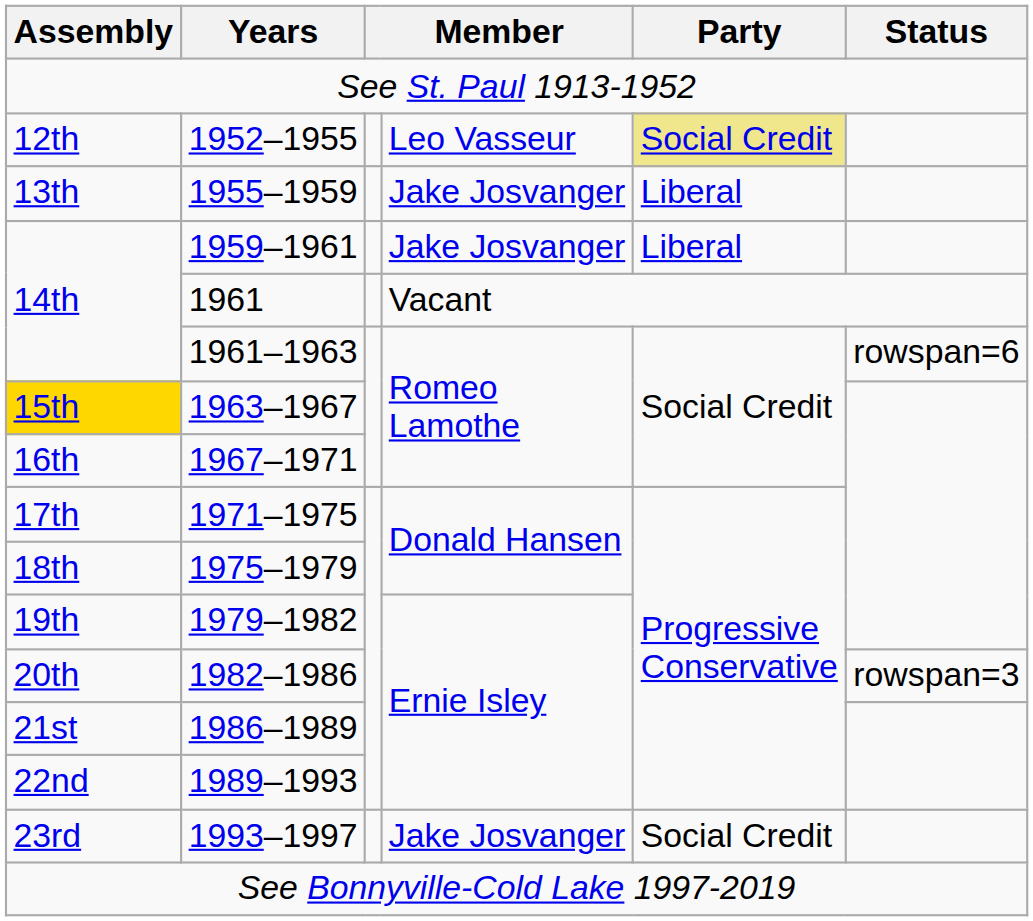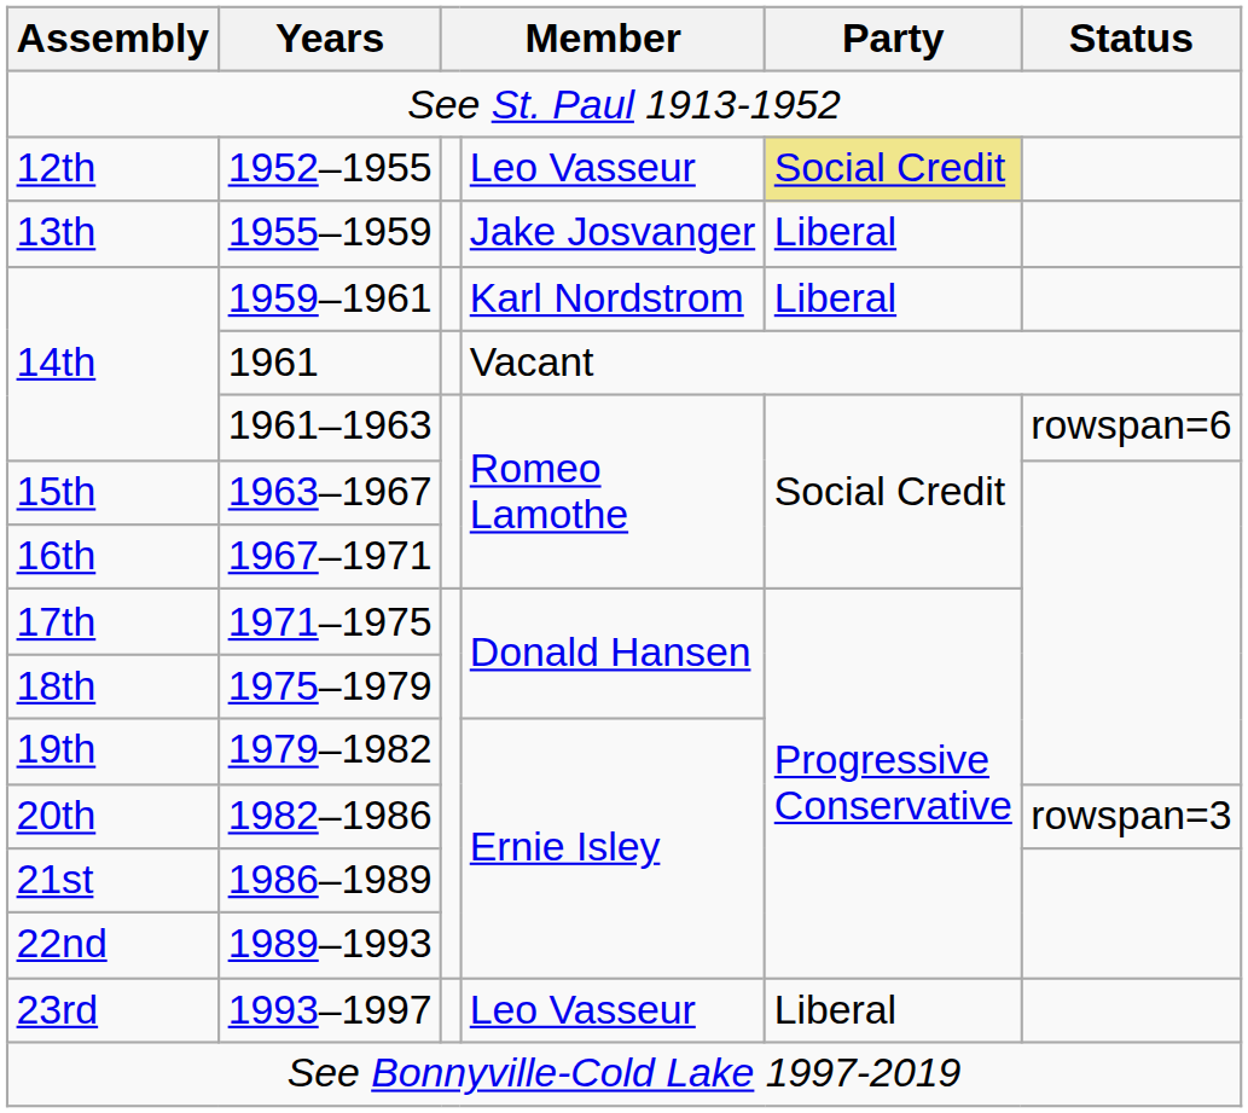 <table class=wikitable align=right>
 <tr>
 <th>Assembly</th>
 <th>Years</th>
 <th colspan="2">Member</th>
 <th>Party</th>
 <th>Status</th>
 </tr>
 <tr>
 <td align="center" colspan=6><em>See <a href='#'>St. Paul</a> 1913-1952</em></td>
 </tr>
 <tr>
 <td><a href='#'>12th</a></td>
 <td><a href='#'>1952</a>–1955</td>
 <td></td>
 <td><a href='#'>Leo Vasseur</a></td>
 <td style="background: khaki;"><a href='#'>Social Credit</a></td>
 <td></td>
 </tr>
 <tr>
 <td><a href='#'>13th</a></td>
 <td><a href='#'>1955</a>–1959</td>
 <td></td>
 <td><a href='#'>Jake Josvanger</a></td>
 <td><a href='#'>Liberal</a></td>
 <td></td>
 </tr>
 <tr>
 <td rowspan=3><a href='#'>14th</a></td>
 <td><a href='#'>1959</a>–1961</td>
 <td></td>
-<td><a href='#'>Jake Josvanger</a></td>
+<td><a href='#'>Karl Nordstrom</a></td>
 <td><a href='#'>Liberal</a></td>
 <td></td>
 </tr>
 <tr>
 <td>1961</td>
 <td></td>
 <td colspan=3>Vacant</td>
 </tr>
 <tr>
 <td>1961–1963</td>
 <td rowspan=3 ></td>
 <td rowspan=3><a href='#'>Romeo<br>Lamothe</a></td>
 <td rowspan=3>Social Credit</td>
 <td>rowspan=6 </td>
 </tr>
 <tr>
-<td style="background: gold;"><a href='#'>15th</a></td>
+<td><a href='#'>15th</a></td>
 <td><a href='#'>1963</a>–1967</td>
 </tr>
 <tr>
 <td><a href='#'>16th</a></td>
 <td><a href='#'>1967</a>–1971</td>
 </tr>
 <tr>
 <td><a href='#'>17th</a></td>
 <td><a href='#'>1971</a>–1975</td>
 <td rowspan=6 ></td>
 <td rowspan=2><a href='#'>Donald Hansen</a></td>
 <td rowspan=6><a href='#'>Progressive <br>Conservative</a></td>
 </tr>
 <tr>
 <td><a href='#'>18th</a></td>
 <td><a href='#'>1975</a>–1979</td>
 </tr>
 <tr>
 <td><a href='#'>19th</a></td>
 <td><a href='#'>1979</a>–1982</td>
 <td rowspan=4><a href='#'>Ernie Isley</a></td>
 </tr>
 <tr>
 <td><a href='#'>20th</a></td>
 <td><a href='#'>1982</a>–1986</td>
 <td>rowspan=3 </td>
 </tr>
 <tr>
 <td><a href='#'>21st</a></td>
 <td><a href='#'>1986</a>–1989</td>
 </tr>
 <tr>
 <td><a href='#'>22nd</a></td>
 <td><a href='#'>1989</a>–1993</td>
 </tr>
 <tr>
 <td><a href='#'>23rd</a></td>
 <td><a href='#'>1993</a>–1997</td>
 <td></td>
-<td><a href='#'>Jake Josvanger</a></td>
-<td>Social Credit</td>
+<td><a href='#'>Leo Vasseur</a></td>
+<td>Liberal</td>
 <td></td>
 </tr>
 <tr>
 <td align="center" colspan=6><em>See <a href='#'>Bonnyville-Cold Lake</a> 1997-2019</em></td>
 </tr>
 </table>
